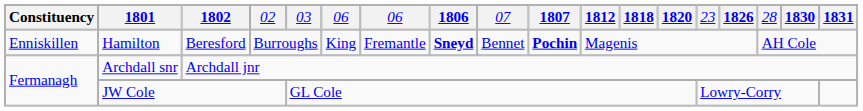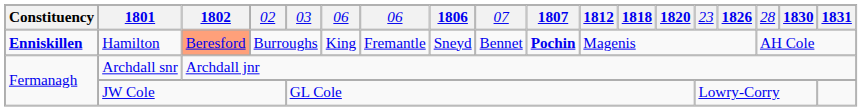 <table class="wikitable" style="border-collapse: separate; border-spacing: 0;">
 <tr>
 <th>Constituency</th>
 <th><a href='#'>1801</a></th>
 <th><a href='#'>1802</a></th>
 <th style="font-weight: normal;"><em><a href='#'>02</a></em></th>
 <th style="font-weight: normal;"><em><a href='#'>03</a></em></th>
 <th style="font-weight: normal;"><em><a href='#'>06</a></em></th>
 <th style="font-weight: normal;"><em><a href='#'>06</a></em></th>
 <th><a href='#'>1806</a></th>
 <th style="font-weight: normal;"><em><a href='#'>07</a></em></th>
 <th><a href='#'>1807</a></th>
 <th><a href='#'>1812</a></th>
 <th><a href='#'>1818</a></th>
 <th><a href='#'>1820</a></th>
 <th style="font-weight: normal;"><em><a href='#'>23</a></em></th>
 <th><a href='#'>1826</a></th>
 <th style="font-weight: normal;"><em><a href='#'>28</a></em></th>
 <th><a href='#'>1830</a></th>
 <th><a href='#'>1831</a></th>
 </tr>
 <tr>
-<td><a href='#'>Enniskillen</a></td>
+<td><strong><a href='#'>Enniskillen</a></strong></td>
 <td><a href='#'>Hamilton</a></td>
-<td><a href='#'>Beresford</a></td>
+<td style="background: lightsalmon;"><a href='#'>Beresford</a></td>
 <td colspan="2"><a href='#'>Burroughs</a></td>
 <td><a href='#'>King</a></td>
 <td><a href='#'>Fremantle</a></td>
-<td><strong><a href='#'>Sneyd</a></strong></td>
+<td><a href='#'>Sneyd</a></td>
 <td><a href='#'>Bennet</a></td>
 <td><strong><a href='#'>Pochin</a></strong></td>
 <td colspan="5"><a href='#'>Magenis</a></td>
 <td colspan="3"><a href='#'>AH Cole</a></td>
 </tr>
 <tr>
 <td rowspan="2"><a href='#'>Fermanagh</a></td>
 <td><a href='#'>Archdall snr</a></td>
 <td colspan="16"><a href='#'>Archdall jnr</a></td>
 </tr>
 <tr>
 <td colspan="3"><a href='#'>JW Cole</a></td>
 <td colspan="9"><a href='#'>GL Cole</a></td>
 <td colspan="4"><a href='#'>Lowry-Corry</a></td>
 <td></td>
 </tr>
 </table>
